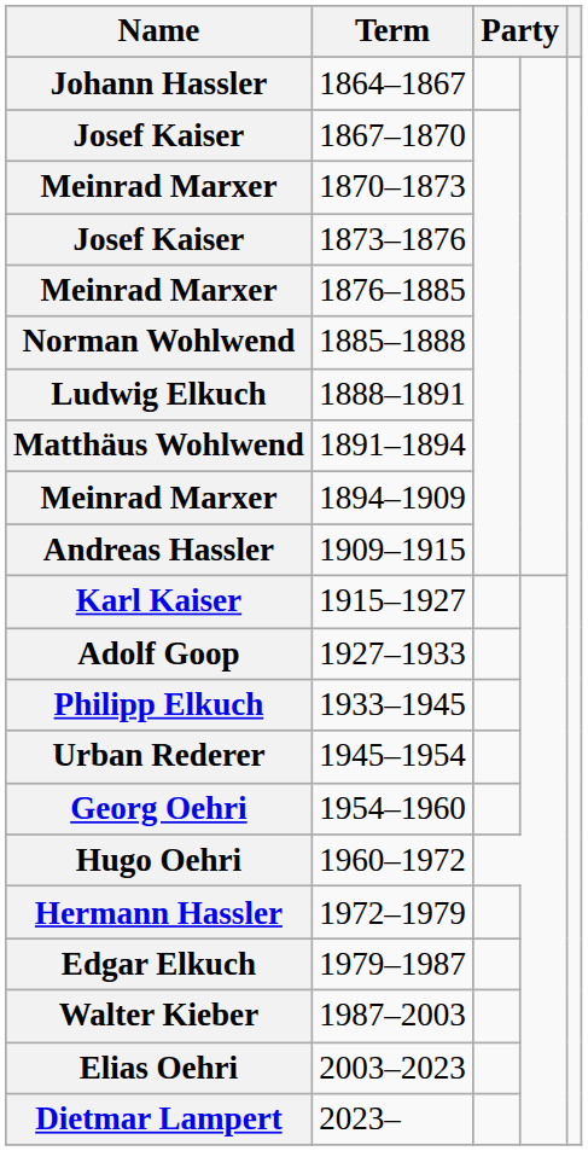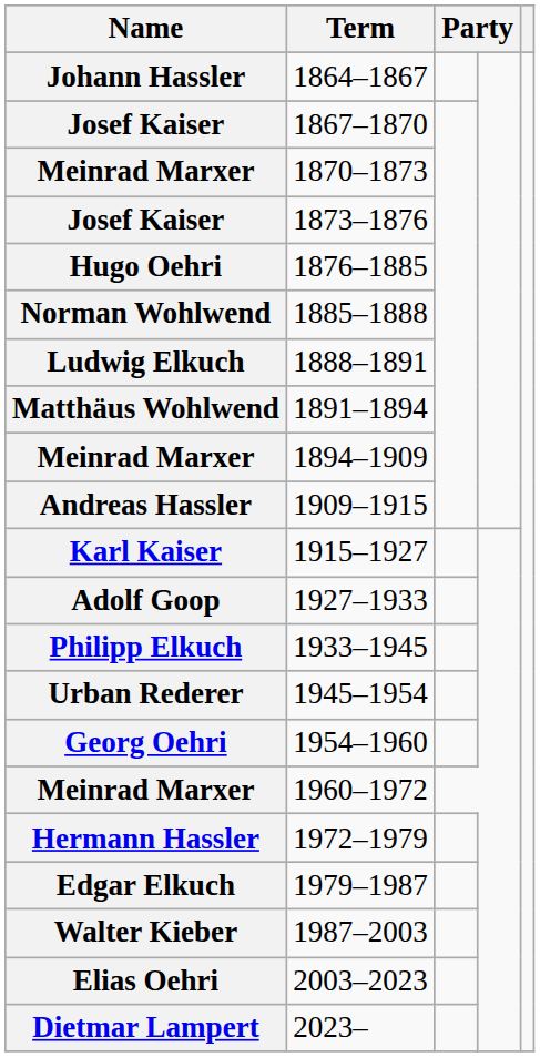 <table class="wikitable">
 <tr>
 <th scope="col">Name</th>
 <th scope="col">Term</th>
 <th colspan="2" scope="colgroup">Party</th>
 <th scope="col"></th>
 </tr>
 <tr>
 <th scope="row">Johann Hassler</th>
 <td>1864–1867</td>
 <td style="background:"></td>
 <td rowspan="10"></td>
 <td rowspan="21"></td>
 </tr>
 <tr>
 <th>Josef Kaiser</th>
 <td>1867–1870</td>
 </tr>
 <tr>
 <th>Meinrad Marxer</th>
 <td>1870–1873</td>
 </tr>
 <tr>
 <th>Josef Kaiser</th>
 <td>1873–1876</td>
 </tr>
 <tr>
-<th>Meinrad Marxer</th>
+<th>Hugo Oehri</th>
 <td>1876–1885</td>
 </tr>
 <tr>
 <th>Norman Wohlwend</th>
 <td>1885–1888</td>
 </tr>
 <tr>
 <th>Ludwig Elkuch</th>
 <td>1888–1891</td>
 </tr>
 <tr>
 <th>Matthäus Wohlwend</th>
 <td>1891–1894</td>
 </tr>
 <tr>
 <th>Meinrad Marxer</th>
 <td>1894–1909</td>
 </tr>
 <tr>
 <th>Andreas Hassler</th>
 <td>1909–1915</td>
 </tr>
 <tr>
 <th><a href='#'>Karl Kaiser</a></th>
 <td>1915–1927</td>
 <td></td>
 </tr>
 <tr>
 <th>Adolf Goop</th>
 <td>1927–1933</td>
 <td></td>
 </tr>
 <tr>
 <th><a href='#'>Philipp Elkuch</a></th>
 <td>1933–1945</td>
 <td></td>
 </tr>
 <tr>
 <th>Urban Rederer</th>
 <td>1945–1954</td>
 <td></td>
 </tr>
 <tr>
 <th><a href='#'>Georg Oehri</a></th>
 <td>1954–1960</td>
 <td></td>
 </tr>
 <tr>
-<th>Hugo Oehri</th>
+<th>Meinrad Marxer</th>
 <td>1960–1972</td>
 </tr>
 <tr>
 <th><a href='#'>Hermann Hassler</a></th>
 <td>1972–1979</td>
 <td></td>
 </tr>
 <tr>
 <th>Edgar Elkuch</th>
 <td>1979–1987</td>
 <td></td>
 </tr>
 <tr>
 <th>Walter Kieber</th>
 <td>1987–2003</td>
 <td></td>
 </tr>
 <tr>
 <th>Elias Oehri</th>
 <td>2003–2023</td>
 <td></td>
 </tr>
 <tr>
 <th><a href='#'>Dietmar Lampert</a></th>
 <td>2023–</td>
 <td></td>
 </tr>
 </table>
